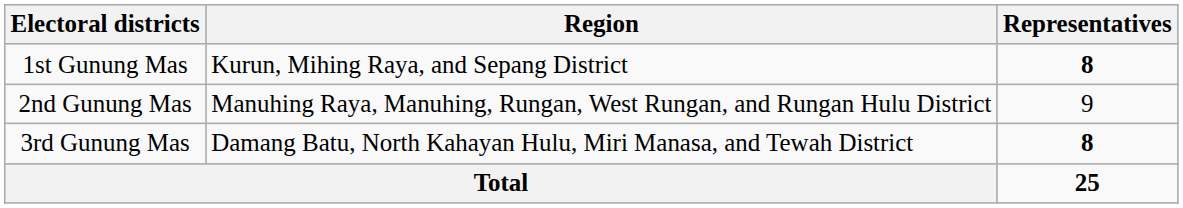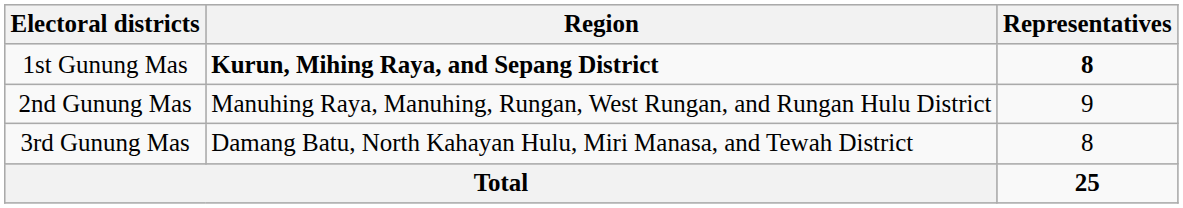 <table class="wikitable">
 <tr>
 <th>Electoral districts</th>
 <th>Region</th>
 <th>Representatives</th>
 </tr>
 <tr>
 <td align="center">1st Gunung Mas</td>
-<td>Kurun, Mihing Raya, and Sepang District</td>
+<td><strong>Kurun, Mihing Raya, and Sepang District</strong></td>
 <td align="center"><strong>8</strong></td>
 </tr>
 <tr>
 <td align="center">2nd Gunung Mas</td>
 <td>Manuhing Raya, Manuhing, Rungan, West Rungan, and Rungan Hulu District</td>
 <td align="center">9</td>
 </tr>
 <tr>
 <td align="center">3rd Gunung Mas</td>
 <td>Damang Batu, North Kahayan Hulu, Miri Manasa, and Tewah District</td>
-<td align="center"><strong>8</strong></td>
+<td align="center">8</td>
 </tr>
 <tr>
 <th colspan="2">Total</th>
 <td align="center"><strong>25</strong></td>
 </tr>
 </table>
